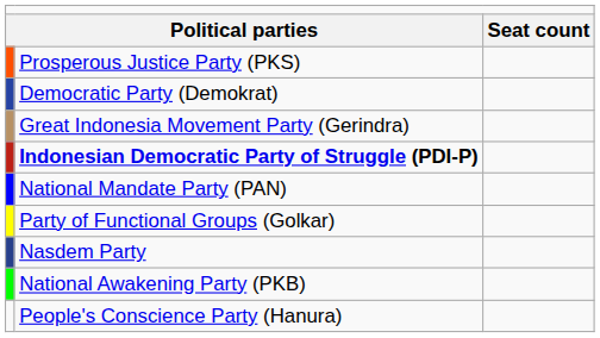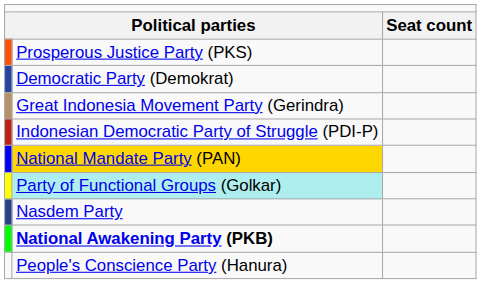 <table class="wikitable">
 <tr>
 <td colspan="4"></td>
 </tr>
 <tr>
 <th colspan="2">Political parties</th>
 <th>Seat count</th>
 </tr>
 <tr>
 <td bgcolor=#FF4F00></td>
 <td><a href='#'>Prosperous Justice Party</a> (PKS)</td>
 <td></td>
 </tr>
 <tr>
 <td bgcolor=#2643A3></td>
 <td><a href='#'>Democratic Party</a> (Demokrat)</td>
 <td></td>
 </tr>
 <tr>
 <td bgcolor=#B79164></td>
 <td><a href='#'>Great Indonesia Movement Party</a> (Gerindra)</td>
 <td></td>
 </tr>
 <tr>
 <td bgcolor=#BD2016></td>
-<td><strong><a href='#'>Indonesian Democratic Party of Struggle</a> (PDI-P)</strong></td>
+<td><a href='#'>Indonesian Democratic Party of Struggle</a> (PDI-P)</td>
 <td></td>
 </tr>
 <tr>
 <td bgcolor=#0000FF></td>
-<td><a href='#'>National Mandate Party</a> (PAN)</td>
+<td style="background: gold;"><a href='#'>National Mandate Party</a> (PAN)</td>
 <td></td>
 </tr>
 <tr>
 <td bgcolor=#FFFF00></td>
-<td><a href='#'>Party of Functional Groups</a> (Golkar)</td>
+<td style="background: paleturquoise;"><a href='#'>Party of Functional Groups</a> (Golkar)</td>
 <td></td>
 </tr>
 <tr>
 <td bgcolor=#27408B></td>
 <td><a href='#'>Nasdem Party</a></td>
 <td></td>
 </tr>
 <tr>
 <td bgcolor=#00FF00></td>
-<td><a href='#'>National Awakening Party</a> (PKB)</td>
+<td><strong><a href='#'>National Awakening Party</a> (PKB)</strong></td>
 <td></td>
 </tr>
 <tr>
 <td bgcolor=></td>
 <td><a href='#'>People's Conscience Party</a> (Hanura)</td>
 <td></td>
 </tr>
 </table>
